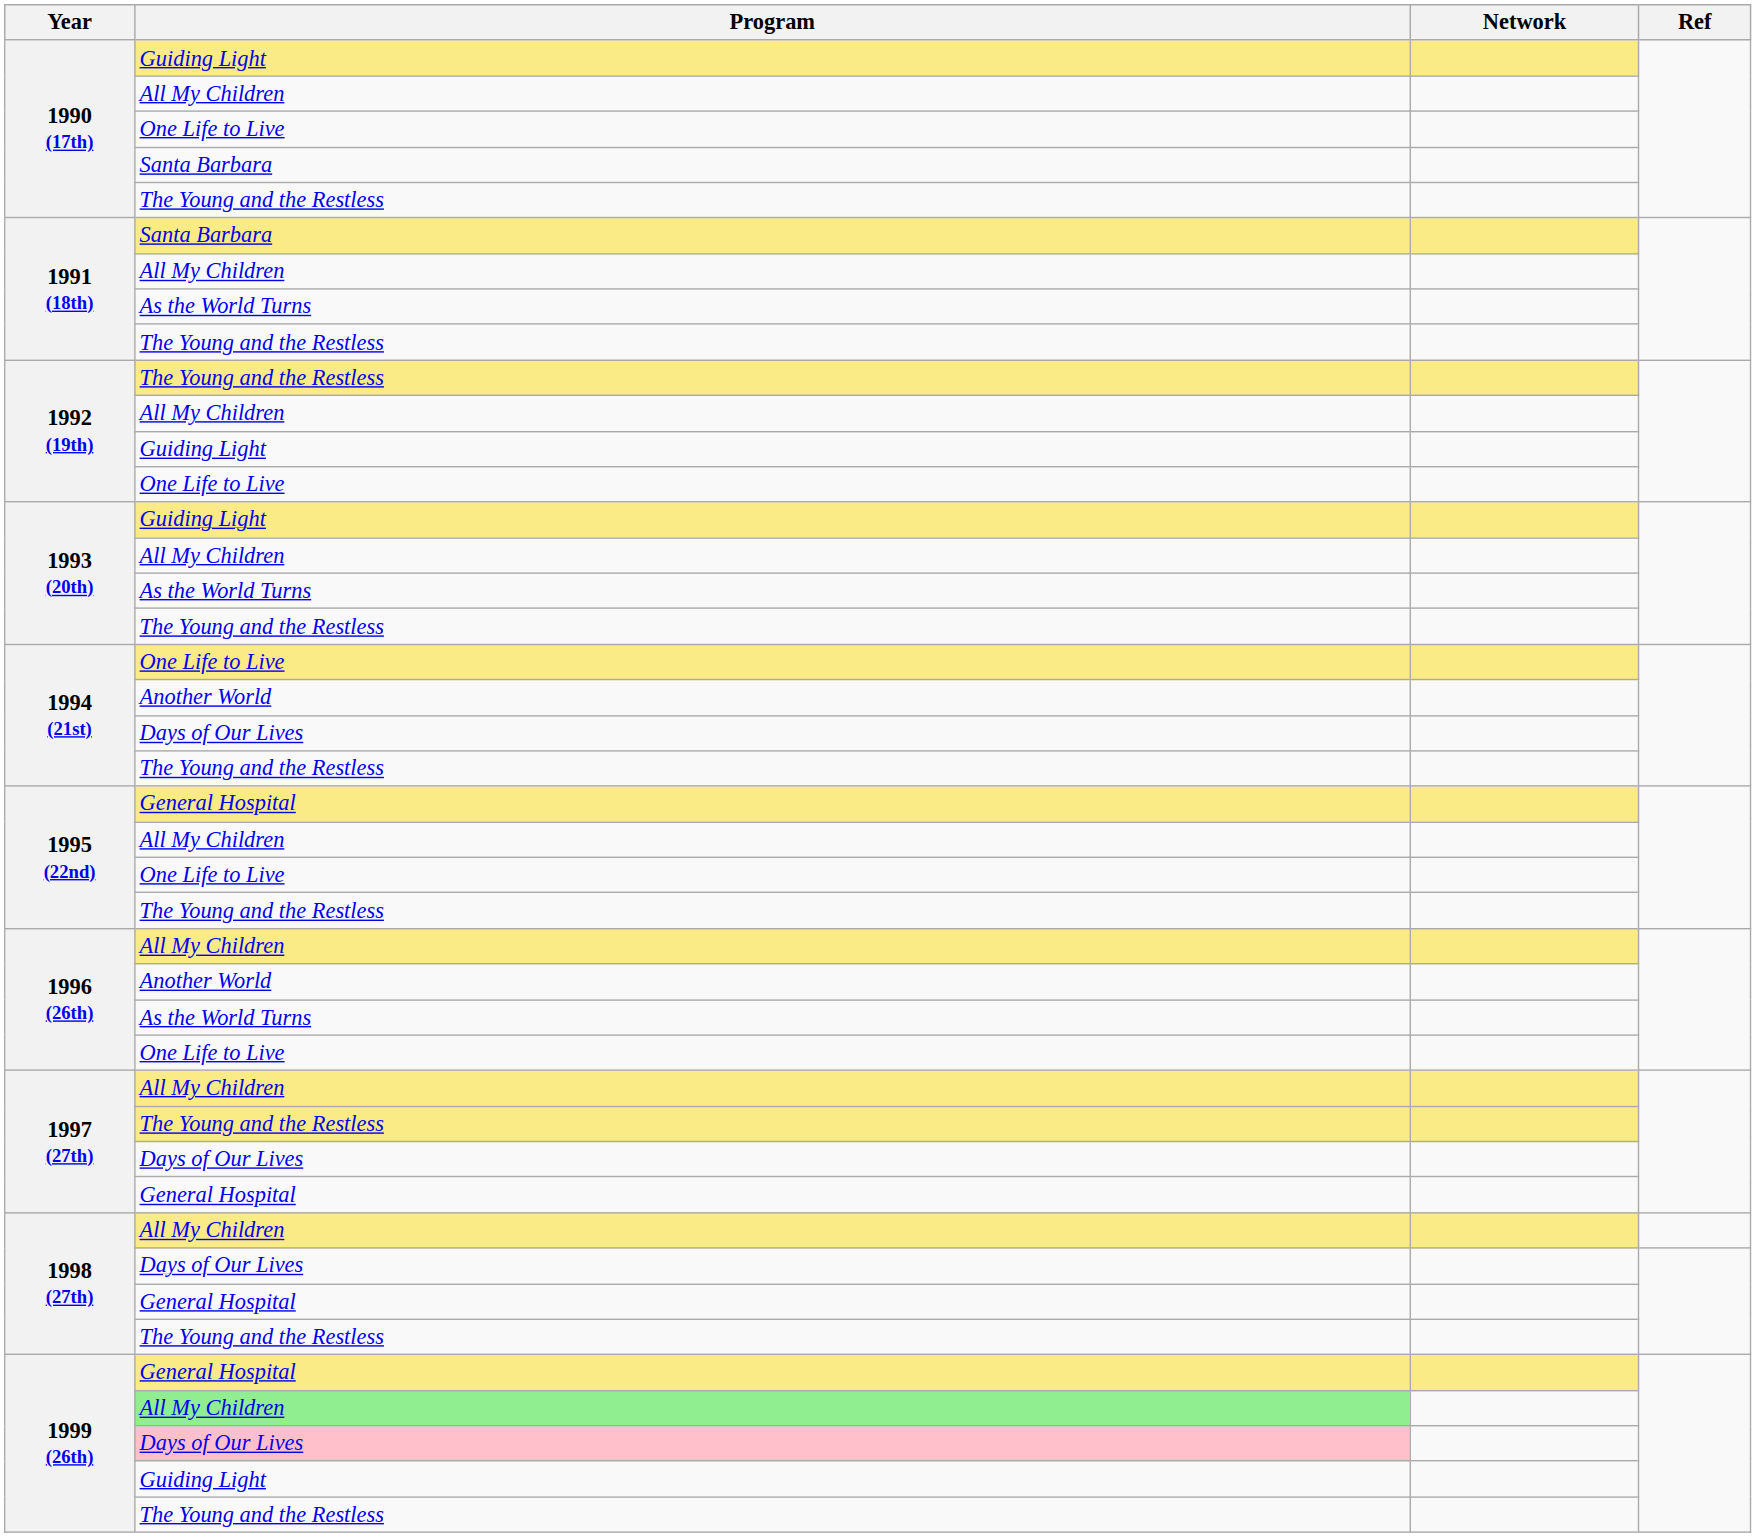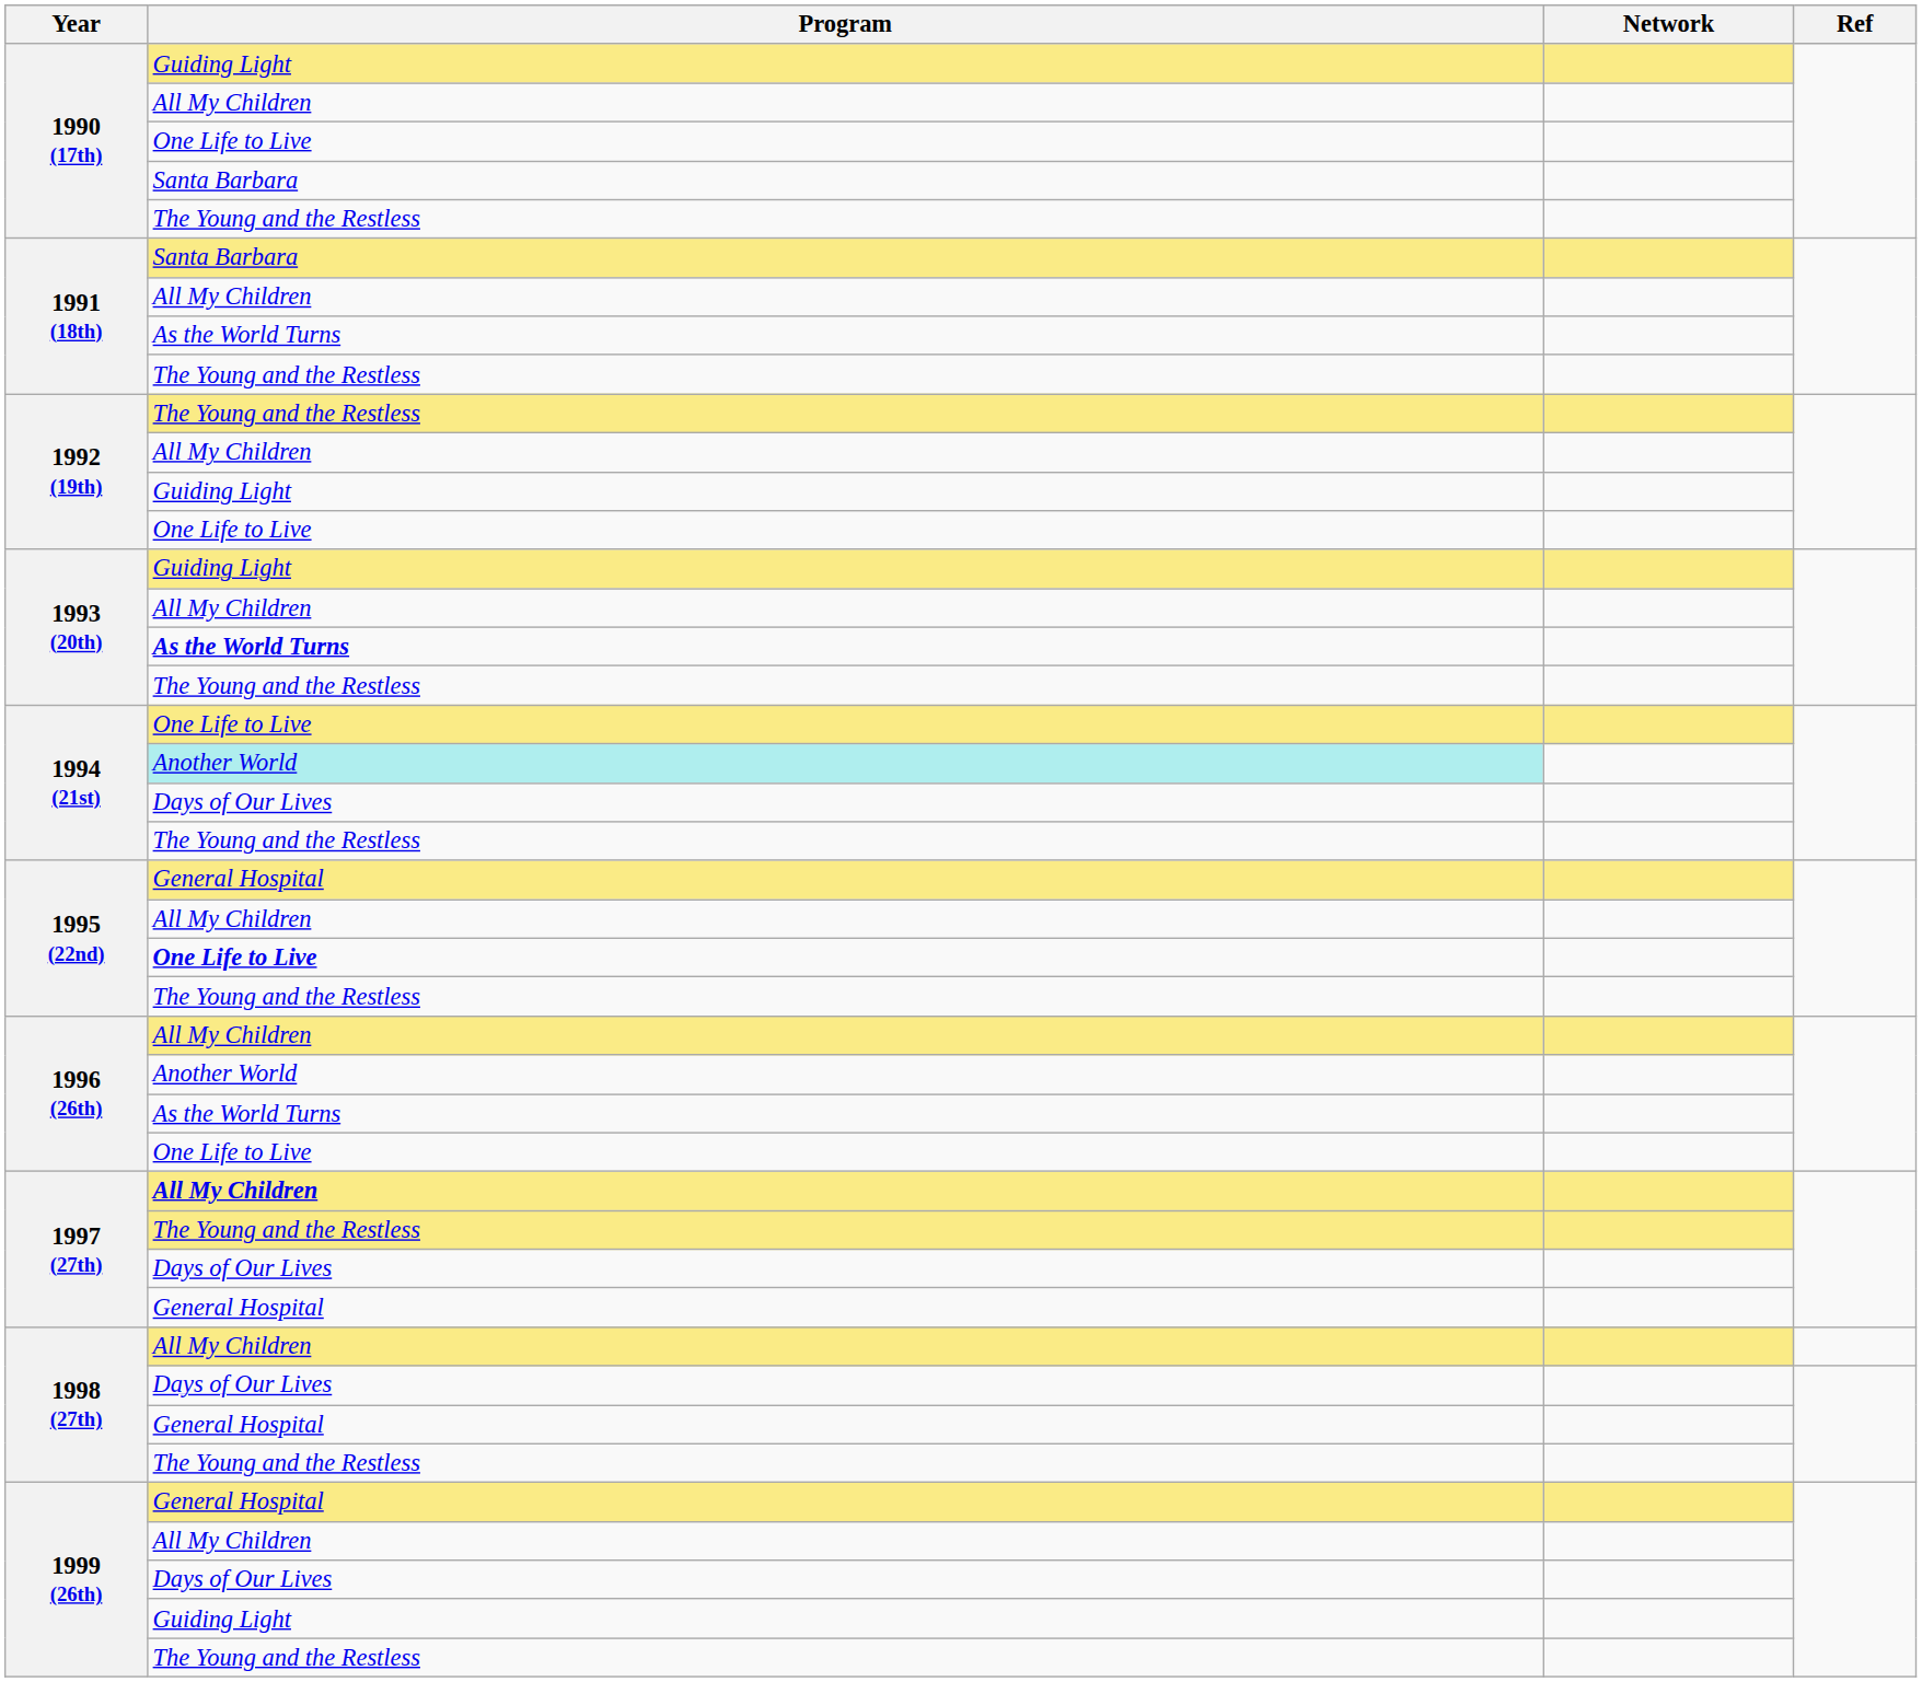 <table class="wikitable sortable">
 <tr style="background:#bebebe;">
 <th style="width:1%;" scope="col">Year</th>
 <th style="width:15%;" scope="col">Program</th>
 <th style="width:2%;" scope="col">Network</th>
 <th style="width:1%;" scope="col" class="unsortable">Ref</th>
 </tr>
 <tr>
 <th scope="row" rowspan=5 style="text-align:center">1990 <br><small><a href='#'>(17th)</a></small></th>
 <td style="background:#FAEB86"><em><a href='#'>Guiding Light</a></em></td>
 <td style="background:#FAEB86"></td>
 <td rowspan=5 style="text-align:center;"></td>
 </tr>
 <tr>
 <td><em><a href='#'>All My Children</a></em></td>
 <td></td>
 </tr>
 <tr>
 <td><em><a href='#'>One Life to Live</a></em></td>
 <td></td>
 </tr>
 <tr>
 <td><em><a href='#'>Santa Barbara</a></em></td>
 <td></td>
 </tr>
 <tr>
 <td><em><a href='#'>The Young and the Restless</a></em></td>
 <td></td>
 </tr>
 <tr>
 <th scope="row" rowspan=4 style="text-align:center">1991 <br><small><a href='#'>(18th)</a></small></th>
 <td style="background:#FAEB86"><em><a href='#'>Santa Barbara</a></em></td>
 <td style="background:#FAEB86"></td>
 <td rowspan=4></td>
 </tr>
 <tr>
 <td><em><a href='#'>All My Children</a></em></td>
 <td></td>
 </tr>
 <tr>
 <td><em><a href='#'>As the World Turns</a></em></td>
 <td></td>
 </tr>
 <tr>
 <td><em><a href='#'>The Young and the Restless</a></em></td>
 <td></td>
 </tr>
 <tr>
 <th scope="row" rowspan=4 style="text-align:center">1992 <br><small><a href='#'>(19th)</a></small></th>
 <td style="background:#FAEB86"><em><a href='#'>The Young and the Restless</a></em></td>
 <td style="background:#FAEB86"></td>
 <td rowspan=4></td>
 </tr>
 <tr>
 <td><em><a href='#'>All My Children</a></em></td>
 <td></td>
 </tr>
 <tr>
 <td><em><a href='#'>Guiding Light</a></em></td>
 <td></td>
 </tr>
 <tr>
 <td><em><a href='#'>One Life to Live</a></em></td>
 <td></td>
 </tr>
 <tr>
 <th scope="row" rowspan=4 style="text-align:center">1993 <br><small><a href='#'>(20th)</a></small></th>
 <td style="background:#FAEB86"><em><a href='#'>Guiding Light</a></em></td>
 <td style="background:#FAEB86"></td>
 <td rowspan=4></td>
 </tr>
 <tr>
 <td><em><a href='#'>All My Children</a></em></td>
 <td></td>
 </tr>
 <tr>
-<td><em><a href='#'>As the World Turns</a></em></td>
+<td><strong><em><a href='#'>As the World Turns</a></em></strong></td>
 <td></td>
 </tr>
 <tr>
 <td><em><a href='#'>The Young and the Restless</a></em></td>
 <td></td>
 </tr>
 <tr>
 <th scope="row" rowspan=4 style="text-align:center">1994 <br><small><a href='#'>(21st)</a></small></th>
 <td style="background:#FAEB86"><em><a href='#'>One Life to Live</a></em></td>
 <td style="background:#FAEB86"></td>
 <td rowspan=4></td>
 </tr>
 <tr>
-<td><em><a href='#'>Another World</a></em></td>
+<td style="background: paleturquoise;"><em><a href='#'>Another World</a></em></td>
 <td></td>
 </tr>
 <tr>
 <td><em><a href='#'>Days of Our Lives</a></em></td>
 <td></td>
 </tr>
 <tr>
 <td><em><a href='#'>The Young and the Restless</a></em></td>
 <td></td>
 </tr>
 <tr>
 <th scope="row" rowspan=4 style="text-align:center">1995 <br><small><a href='#'>(22nd)</a></small></th>
 <td style="background:#FAEB86"><em><a href='#'>General Hospital</a></em></td>
 <td style="background:#FAEB86"></td>
 <td rowspan=4></td>
 </tr>
 <tr>
 <td><em><a href='#'>All My Children</a></em></td>
 <td></td>
 </tr>
 <tr>
-<td><em><a href='#'>One Life to Live</a></em></td>
+<td><strong><em><a href='#'>One Life to Live</a></em></strong></td>
 <td></td>
 </tr>
 <tr>
 <td><em><a href='#'>The Young and the Restless</a></em></td>
 <td></td>
 </tr>
 <tr>
 <th scope="row" rowspan=4 style="text-align:center">1996 <br><small><a href='#'>(26th)</a></small></th>
 <td style="background:#FAEB86"><em><a href='#'>All My Children</a></em></td>
 <td style="background:#FAEB86"></td>
 <td rowspan=4></td>
 </tr>
 <tr>
 <td><em><a href='#'>Another World</a></em></td>
 <td></td>
 </tr>
 <tr>
 <td><em><a href='#'>As the World Turns</a></em></td>
 <td></td>
 </tr>
 <tr>
 <td><em><a href='#'>One Life to Live</a></em></td>
 <td></td>
 </tr>
 <tr>
 <th scope="row" rowspan=4 style="text-align:center">1997 <br><small><a href='#'>(27th)</a></small></th>
-<td style="background:#FAEB86"><em><a href='#'>All My Children</a></em></td>
+<td style="background:#FAEB86"><strong><em><a href='#'>All My Children</a></em></strong></td>
 <td style="background:#FAEB86"></td>
 <td rowspan=4></td>
 </tr>
 <tr>
 <td style="background:#FAEB86"><em><a href='#'>The Young and the Restless</a></em></td>
 <td style="background:#FAEB86"></td>
 </tr>
 <tr>
 <td><em><a href='#'>Days of Our Lives</a></em></td>
 <td></td>
 </tr>
 <tr>
 <td><em><a href='#'>General Hospital</a></em></td>
 <td></td>
 </tr>
 <tr>
 <th scope="row" rowspan=4 style="text-align:center">1998 <br><small><a href='#'>(27th)</a></small></th>
 <td style="background:#FAEB86"><em><a href='#'>All My Children</a></em></td>
 <td style="background:#FAEB86"></td>
 <td></td>
 </tr>
 <tr>
 <td><em><a href='#'>Days of Our Lives</a></em></td>
 <td></td>
 <td rowspan=3></td>
 </tr>
 <tr>
 <td><em><a href='#'>General Hospital</a></em></td>
 <td></td>
 </tr>
 <tr>
 <td><em><a href='#'>The Young and the Restless</a></em></td>
 <td></td>
 </tr>
 <tr>
 <th scope="row" rowspan=5 style="text-align:center">1999 <br><small><a href='#'>(26th)</a></small></th>
 <td style="background:#FAEB86"><em><a href='#'>General Hospital</a></em></td>
 <td style="background:#FAEB86"></td>
 <td rowspan=5></td>
 </tr>
 <tr>
-<td style="background: lightgreen;"><em><a href='#'>All My Children</a></em></td>
+<td><em><a href='#'>All My Children</a></em></td>
 <td></td>
 </tr>
 <tr>
-<td style="background: pink;"><em><a href='#'>Days of Our Lives</a></em></td>
+<td><em><a href='#'>Days of Our Lives</a></em></td>
 <td></td>
 </tr>
 <tr>
 <td><em><a href='#'>Guiding Light</a></em></td>
 <td></td>
 </tr>
 <tr>
 <td><em><a href='#'>The Young and the Restless</a></em></td>
 <td></td>
 </tr>
 </table>
